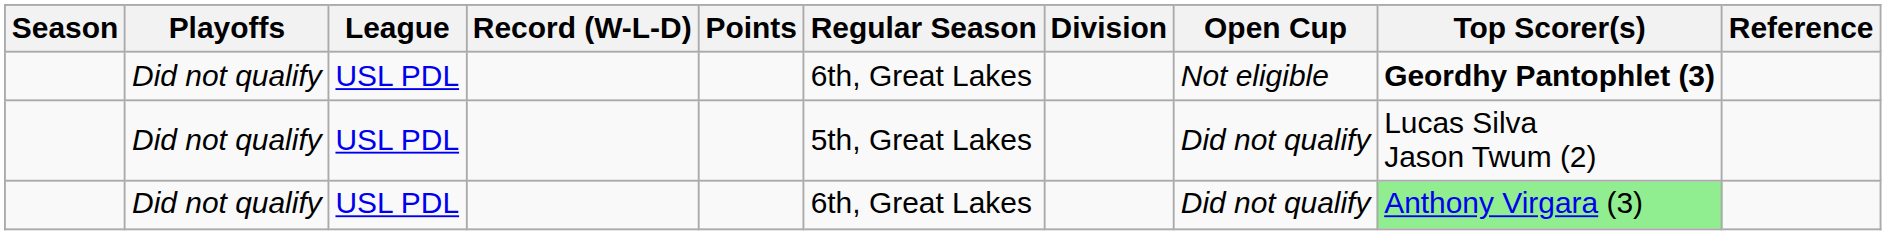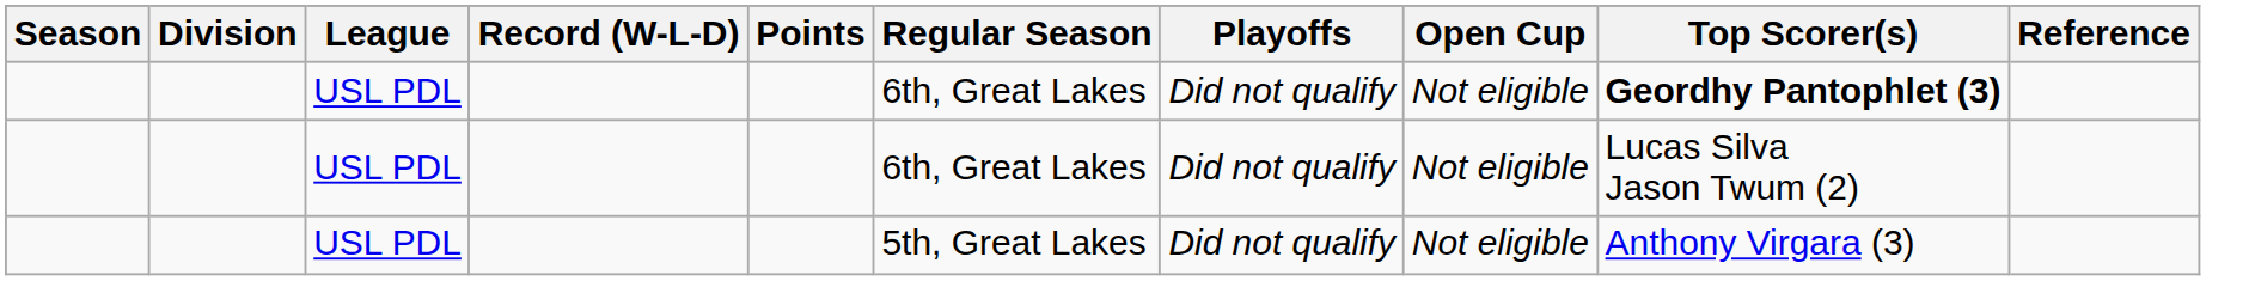 <table class="wikitable">
 <tr>
 <th>Season</th>
-<th>Playoffs</th>
+<th>Division</th>
 <th>League</th>
 <th>Record (W-L-D)</th>
 <th>Points</th>
 <th>Regular Season</th>
-<th>Division</th>
+<th>Playoffs</th>
 <th>Open Cup</th>
 <th>Top Scorer(s)</th>
 <th>Reference</th>
 </tr>
 <tr>
 <td></td>
-<td><em>Did not qualify</em></td>
+<td></td>
 <td><a href='#'>USL PDL</a></td>
 <td></td>
 <td></td>
 <td>6th, Great Lakes</td>
-<td></td>
+<td><em>Did not qualify</em></td>
 <td><em>Not eligible</em></td>
 <td><strong> Geordhy Pantophlet (3)</strong></td>
 <td></td>
 </tr>
 <tr>
 <td></td>
-<td><em>Did not qualify</em></td>
+<td></td>
 <td><a href='#'>USL PDL</a></td>
 <td></td>
 <td></td>
-<td>5th, Great Lakes</td>
-<td></td>
+<td>6th, Great Lakes</td>
 <td><em>Did not qualify</em></td>
+<td><em>Not eligible</em></td>
 <td> Lucas Silva <br>  Jason Twum (2)</td>
 <td></td>
 </tr>
 <tr>
 <td></td>
-<td><em>Did not qualify</em></td>
+<td></td>
 <td><a href='#'>USL PDL</a></td>
 <td></td>
 <td></td>
-<td>6th, Great Lakes</td>
-<td></td>
+<td>5th, Great Lakes</td>
 <td><em>Did not qualify</em></td>
-<td style="background: lightgreen;"> <a href='#'>Anthony Virgara</a> (3)</td>
+<td><em>Not eligible</em></td>
+<td> <a href='#'>Anthony Virgara</a> (3)</td>
 <td></td>
 </tr>
 </table>
